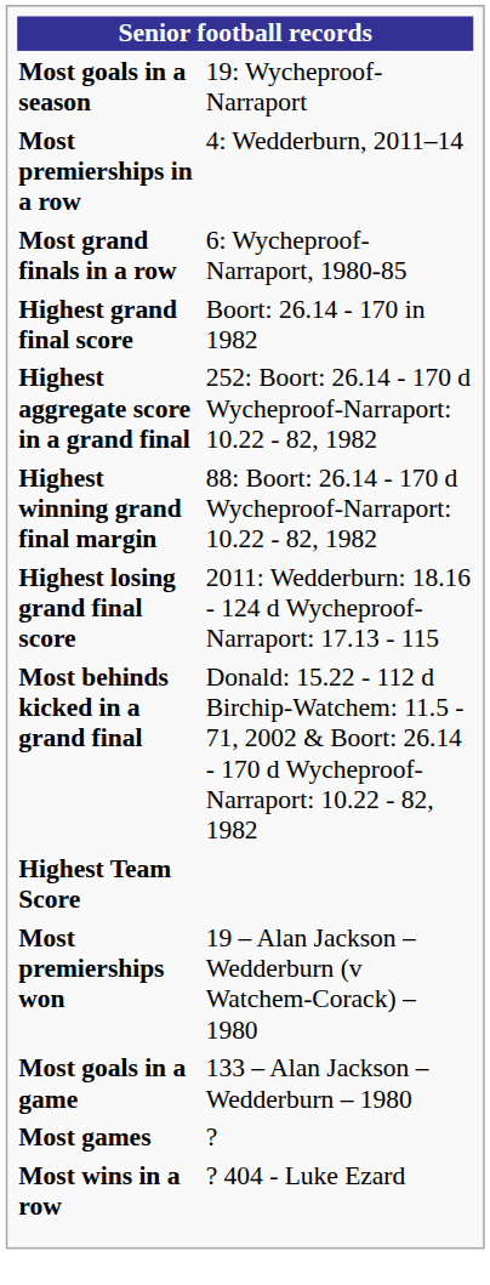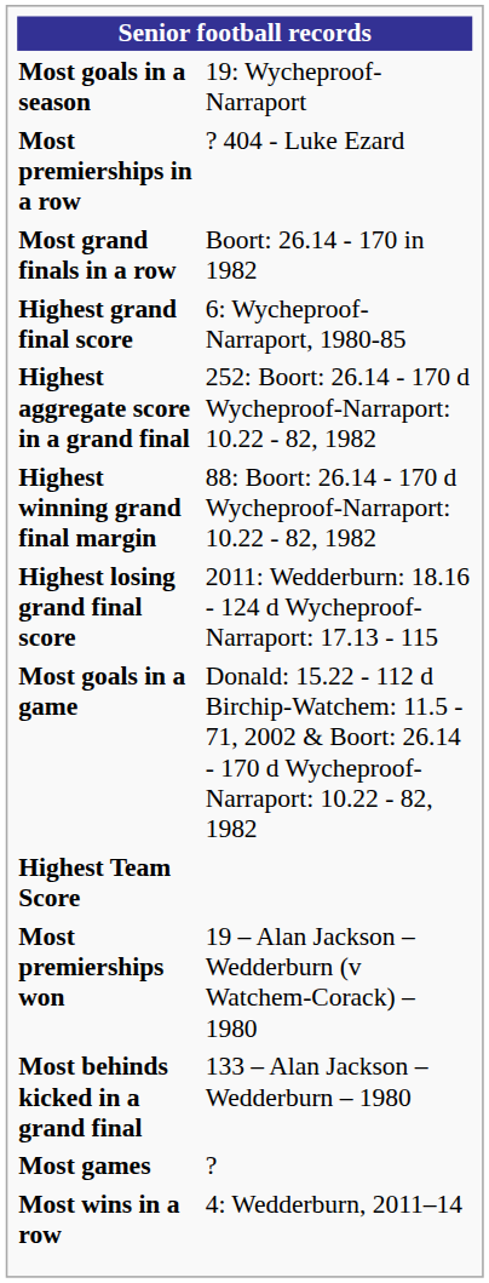 <table class="infobox" style="width:250px; font-size: 85%;">
 <tr>
 <th colspan="2" style="background:#333194; color:white; text-align:center;"><strong>Senior football records</strong></th>
 </tr>
 <tr style="vertical-align: top;">
 <td><strong>Most goals in a season</strong></td>
 <td>19: Wycheproof-Narraport</td>
 </tr>
 <tr>
 <td><strong>Most premierships in a row</strong></td>
-<td>4: Wedderburn, 2011–14</td>
+<td>? 404 - Luke Ezard<br></td>
 </tr>
 <tr>
 <td><strong>Most grand finals in a row</strong></td>
-<td>6: Wycheproof-Narraport, 1980-85</td>
+<td>Boort: 26.14 - 170 in 1982</td>
 </tr>
 <tr>
 <td><strong>Highest grand final score</strong></td>
-<td>Boort: 26.14 - 170 in 1982</td>
+<td>6: Wycheproof-Narraport, 1980-85</td>
 </tr>
 <tr>
 <td><strong>Highest aggregate score in a grand final </strong></td>
 <td>252: Boort: 26.14 - 170 d Wycheproof-Narraport: 10.22 - 82, 1982</td>
 </tr>
 <tr>
 <td><strong>Highest winning grand final margin</strong></td>
 <td>88: Boort: 26.14 - 170 d Wycheproof-Narraport: 10.22 - 82, 1982</td>
 </tr>
 <tr>
 <td><strong>Highest losing grand final score</strong></td>
 <td>2011: Wedderburn: 18.16 - 124 d Wycheproof-Narraport: 17.13 - 115</td>
 </tr>
 <tr>
-<td><strong>Most behinds kicked in a grand final </strong></td>
+<td><strong>Most goals in a game</strong></td>
 <td>Donald: 15.22 - 112 d Birchip-Watchem: 11.5 - 71, 2002 & Boort: 26.14 - 170 d Wycheproof-Narraport: 10.22 - 82, 1982</td>
 </tr>
 <tr>
 <td><strong>Highest Team Score</strong></td>
 <td></td>
 </tr>
 <tr>
 <td><strong>Most premierships won</strong></td>
 <td>19 – Alan Jackson – Wedderburn (v Watchem-Corack) – 1980</td>
 </tr>
 <tr>
-<td><strong>Most goals in a game</strong></td>
+<td><strong>Most behinds kicked in a grand final </strong></td>
 <td>133 – Alan Jackson – Wedderburn – 1980</td>
 </tr>
 <tr>
 <td><strong>Most games</strong></td>
 <td>?</td>
 </tr>
 <tr>
 <td><strong>Most wins in a row</strong></td>
-<td>? 404 - Luke Ezard<br></td>
+<td>4: Wedderburn, 2011–14</td>
 </tr>
 <tr>
 </tr>
 <tr style="vertical-align: top;"jnh>
 <td></td>
 </tr>
 <tr>
 </tr>
 </table>
